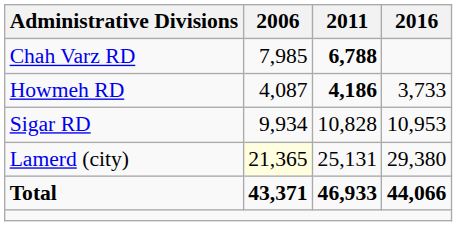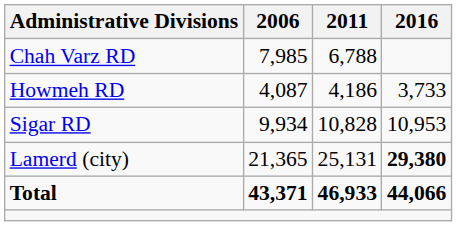 <table class="wikitable">
 <tr>
 <th>Administrative Divisions</th>
 <th>2006</th>
 <th>2011</th>
 <th>2016</th>
 </tr>
 <tr>
 <td><a href='#'>Chah Varz RD</a></td>
 <td style="text-align: right;">7,985</td>
-<td style="text-align: right;"><strong>6,788</strong></td>
+<td style="text-align: right;">6,788</td>
 <td style="text-align: right;"></td>
 </tr>
 <tr>
 <td><a href='#'>Howmeh RD</a></td>
 <td style="text-align: right;">4,087</td>
-<td style="text-align: right;"><strong>4,186</strong></td>
+<td style="text-align: right;">4,186</td>
 <td style="text-align: right;">3,733</td>
 </tr>
 <tr>
 <td><a href='#'>Sigar RD</a></td>
 <td style="text-align: right;">9,934</td>
 <td style="text-align: right;">10,828</td>
 <td style="text-align: right;">10,953</td>
 </tr>
 <tr>
 <td><a href='#'>Lamerd</a> (city)</td>
-<td style="background: lightyellow; text-align: right;">21,365</td>
+<td style="text-align: right;">21,365</td>
 <td style="text-align: right;">25,131</td>
-<td style="text-align: right;">29,380</td>
+<td style="text-align: right;"><strong>29,380</strong></td>
 </tr>
 <tr>
 <td><strong>Total</strong></td>
 <td style="text-align: right;"><strong>43,371</strong></td>
 <td style="text-align: right;"><strong>46,933</strong></td>
 <td style="text-align: right;"><strong>44,066</strong></td>
 </tr>
 <tr>
 <td colspan=4></td>
 </tr>
 </table>
